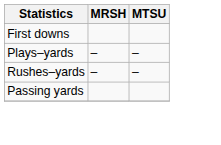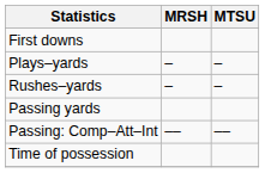 <table class="wikitable" style="float: left;">
 <tr>
 <th>Statistics</th>
 <th>MRSH</th>
 <th>MTSU</th>
 </tr>
 <tr>
 <td>First downs</td>
 <td></td>
 <td></td>
 </tr>
 <tr>
 <td>Plays–yards</td>
 <td>–</td>
 <td>–</td>
 </tr>
 <tr>
 <td>Rushes–yards</td>
 <td>–</td>
 <td>–</td>
 </tr>
 <tr>
 <td>Passing yards</td>
 <td></td>
 <td></td>
 </tr>
 <tr>
+<td>Passing: Comp–Att–Int</td>
+<td>––</td>
+<td>––</td>
+</tr>
+<tr>
+<td>Time of possession</td>
+<td></td>
+<td></td>
+</tr>
+<tr>
 </tr>
 </table>
